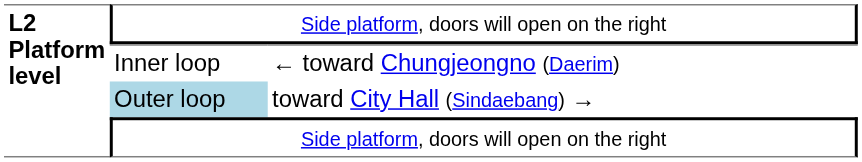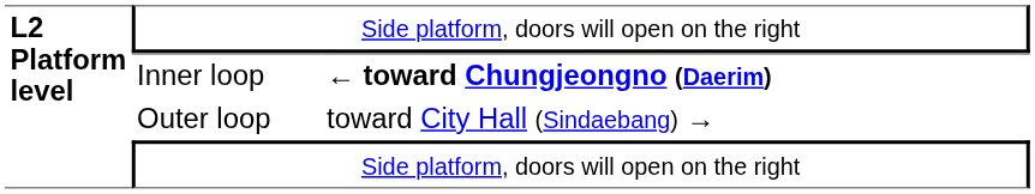 <table table border=0 cellspacing=0 cellpadding=3>
 <tr>
 <td style="border-top:solid 1px gray;border-bottom:solid 1px gray;" width=50 rowspan=10 valign=top><strong>L2<br>Platform level</strong></td>
 <td style="border-top:solid 1px gray;border-right:solid 2px black;border-left:solid 2px black;border-bottom:solid 2px black;text-align:center;" colspan=2><small><a href='#'>Side platform</a>, doors will open on the right </small></td>
 </tr>
 <tr>
 <td style="border-bottom:solid 0px gray;border-top:solid 1px gray;" width=100>Inner loop</td>
-<td style="border-bottom:solid 0px gray;border-top:solid 1px gray;" width=390>←  toward <a href='#'>Chungjeongno</a> <small>(<a href='#'>Daerim</a>)</small></td>
+<td style="border-bottom:solid 0px gray;border-top:solid 1px gray;" width=390><strong>←  toward <a href='#'>Chungjeongno</a> <small>(<a href='#'>Daerim</a>)</small></strong></td>
 </tr>
 <tr>
-<td style="background: lightblue;">Outer loop</td>
+<td>Outer loop</td>
 <td>  toward <a href='#'>City Hall</a> <small>(<a href='#'>Sindaebang</a>)</small> →</td>
 </tr>
 <tr>
 <td style="border-top:solid 2px black;border-right:solid 2px black;border-left:solid 2px black;border-bottom:solid 1px gray;text-align:center;" colspan=2><small><a href='#'>Side platform</a>, doors will open on the right </small></td>
 </tr>
 </table>
